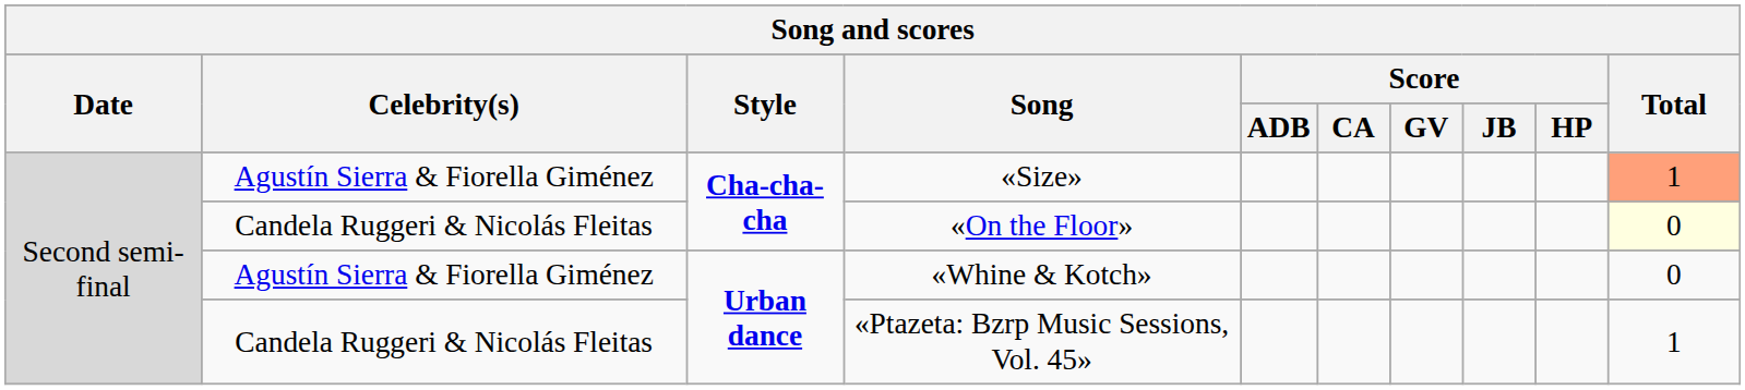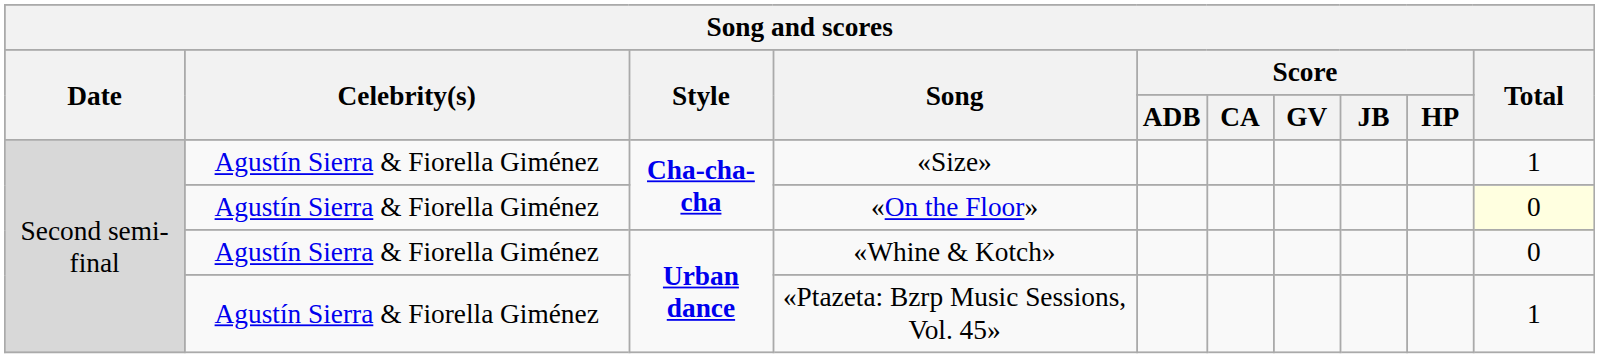 <table class="wikitable collapsible collapsed" style="font-size:95%; text-align: center; width: 100%;">
 <tr>
 <th colspan="11" style="with: 100%;" align=center>Song and scores</th>
 </tr>
 <tr>
 <th rowspan="2">Date</th>
 <th rowspan="2" width="240">Celebrity(s)</th>
 <th rowspan="2">Style</th>
 <th rowspan="2">Song</th>
 <th colspan="5">Score</th>
 <th rowspan="2" width="60">Total</th>
 </tr>
 <tr>
 <th width=30>ADB</th>
 <th width=30>CA</th>
 <th width=30>GV</th>
 <th width=30>JB</th>
 <th width=30>HP</th>
 </tr>
 <tr>
 <td rowspan="8" style=" background:#d8d8d8">Second semi-final<br></td>
 <td><a href='#'>Agustín Sierra</a> & Fiorella Giménez</td>
 <td rowspan="2"><strong><a href='#'>Cha-cha-cha</a></strong></td>
 <td>«Size» </td>
 <td></td>
 <td></td>
 <td></td>
 <td></td>
 <td></td>
-<td style="background: lightsalmon;">1</td>
+<td>1</td>
 </tr>
 <tr>
-<td>Candela Ruggeri & Nicolás Fleitas</td>
+<td><a href='#'>Agustín Sierra</a> & Fiorella Giménez</td>
 <td>«<a href='#'>On the Floor</a>» </td>
 <td></td>
 <td></td>
 <td></td>
 <td></td>
 <td></td>
 <td style="background: lightyellow;">0</td>
 </tr>
 <tr>
 <td><a href='#'>Agustín Sierra</a> & Fiorella Giménez</td>
 <td rowspan="2"><strong><a href='#'>Urban dance</a></strong></td>
 <td>«Whine & Kotch» </td>
 <td></td>
 <td></td>
 <td></td>
 <td></td>
 <td></td>
 <td>0</td>
 </tr>
 <tr>
-<td>Candela Ruggeri & Nicolás Fleitas</td>
+<td><a href='#'>Agustín Sierra</a> & Fiorella Giménez</td>
 <td>«Ptazeta: Bzrp Music Sessions, Vol. 45» </td>
 <td></td>
 <td></td>
 <td></td>
 <td></td>
 <td></td>
 <td>1</td>
 </tr>
 </table>
